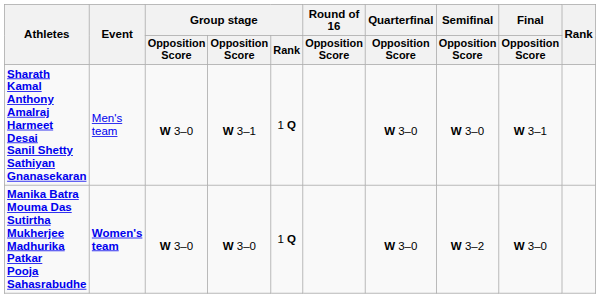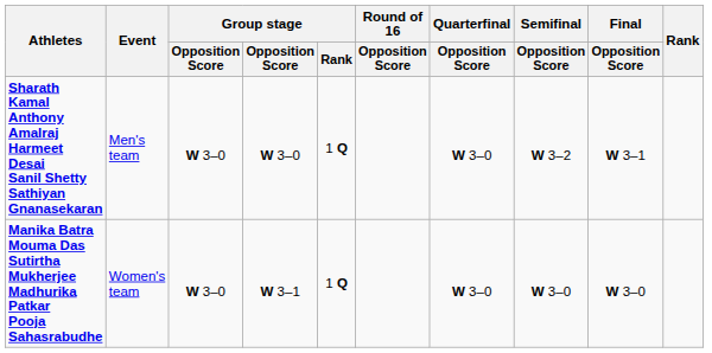 <table class=wikitable style=font-size:90%;text-align:center;>
 <tr>
 <th rowspan=2>Athletes</th>
 <th rowspan=2>Event</th>
 <th colspan=3>Group stage</th>
 <th>Round of 16</th>
 <th>Quarterfinal</th>
 <th>Semifinal</th>
 <th>Final</th>
 <th rowspan=2>Rank</th>
 </tr>
 <tr style="font-size:95%">
 <th>Opposition<br>Score</th>
 <th>Opposition<br>Score</th>
 <th>Rank</th>
 <th>Opposition<br>Score</th>
 <th>Opposition<br>Score</th>
 <th>Opposition<br>Score</th>
 <th>Opposition<br>Score</th>
 </tr>
 <tr>
 <td align=left><strong><a href='#'>Sharath Kamal</a></strong><br><strong><a href='#'>Anthony Amalraj</a></strong><br><strong><a href='#'>Harmeet Desai</a></strong><br><strong><a href='#'>Sanil Shetty</a></strong><br><strong><a href='#'>Sathiyan Gnanasekaran</a></strong></td>
 <td align=left><a href='#'>Men's team</a></td>
 <td><br><strong>W</strong> 3–0</td>
+<td><br><strong>W</strong> 3–0</td>
+<td>1 <strong>Q</strong></td>
+<td></td>
+<td><br><strong>W</strong> 3–0</td>
+<td><br><strong>W</strong> 3–2</td>
+<td><br><strong>W</strong> 3–1</td>
+<td></td>
+</tr>
+<tr>
+<td align=left><strong><a href='#'>Manika Batra</a></strong><br><strong><a href='#'>Mouma Das</a></strong><br><strong><a href='#'>Sutirtha Mukherjee</a></strong><br><strong><a href='#'>Madhurika Patkar</a></strong><br><strong><a href='#'>Pooja Sahasrabudhe</a></strong></td>
+<td align=left><a href='#'>Women's team</a></td>
+<td><br><strong>W</strong> 3–0</td>
 <td><br><strong>W</strong> 3–1</td>
 <td>1 <strong>Q</strong></td>
 <td></td>
 <td><br><strong>W</strong> 3–0</td>
 <td><br><strong>W</strong> 3–0</td>
-<td><br><strong>W</strong> 3–1</td>
-<td></td>
-</tr>
-<tr>
-<td align=left><strong><a href='#'>Manika Batra</a></strong><br><strong><a href='#'>Mouma Das</a></strong><br><strong><a href='#'>Sutirtha Mukherjee</a></strong><br><strong><a href='#'>Madhurika Patkar</a></strong><br><strong><a href='#'>Pooja Sahasrabudhe</a></strong></td>
-<td align=left><strong><a href='#'>Women's team</a></strong></td>
-<td><br><strong>W</strong> 3–0</td>
-<td><br><strong>W</strong> 3–0</td>
-<td>1 <strong>Q</strong></td>
-<td></td>
-<td><br><strong>W</strong> 3–0</td>
-<td><br><strong>W</strong> 3–2</td>
 <td><br><strong>W</strong> 3–0</td>
 <td></td>
 </tr>
 </table>
